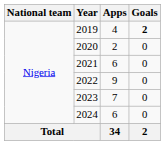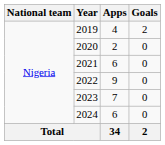 <table class=wikitable style=text-align:center>
 <tr>
 <th>National team</th>
 <th>Year</th>
 <th>Apps</th>
 <th>Goals</th>
 </tr>
 <tr>
 <td rowspan=6><a href='#'>Nigeria</a></td>
 <td>2019</td>
 <td>4</td>
-<td><strong>2</strong></td>
+<td>2</td>
 </tr>
 <tr>
 <td>2020</td>
 <td>2</td>
 <td>0</td>
 </tr>
 <tr>
 <td>2021</td>
 <td>6</td>
 <td>0</td>
 </tr>
 <tr>
 <td>2022</td>
 <td>9</td>
 <td>0</td>
 </tr>
 <tr>
 <td>2023</td>
 <td>7</td>
 <td>0</td>
 </tr>
 <tr>
 <td>2024</td>
 <td>6</td>
 <td>0</td>
 </tr>
 <tr>
 <th colspan=2>Total</th>
 <th>34</th>
 <th>2</th>
 </tr>
 </table>
